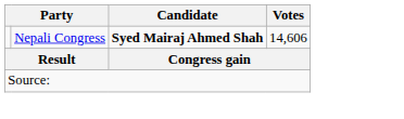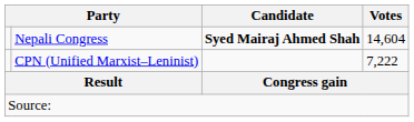 <table class="wikitable">
 <tr>
 <th colspan="2">Party</th>
 <th>Candidate</th>
 <th>Votes</th>
 </tr>
 <tr>
 <td style="background-color:"></td>
 <td><a href='#'>Nepali Congress</a></td>
 <td><strong>Syed Mairaj Ahmed Shah</strong></td>
-<td>14,606</td>
+<td>14,604</td>
+</tr>
+<tr>
+<td style="background-color:"></td>
+<td><a href='#'>CPN (Unified Marxist–Leninist)</a></td>
+<td></td>
+<td>7,222</td>
 </tr>
 <tr>
 <th colspan="2">Result</th>
 <th colspan="2">Congress gain</th>
 </tr>
 <tr>
 <td colspan="4">Source: </td>
 </tr>
 </table>
